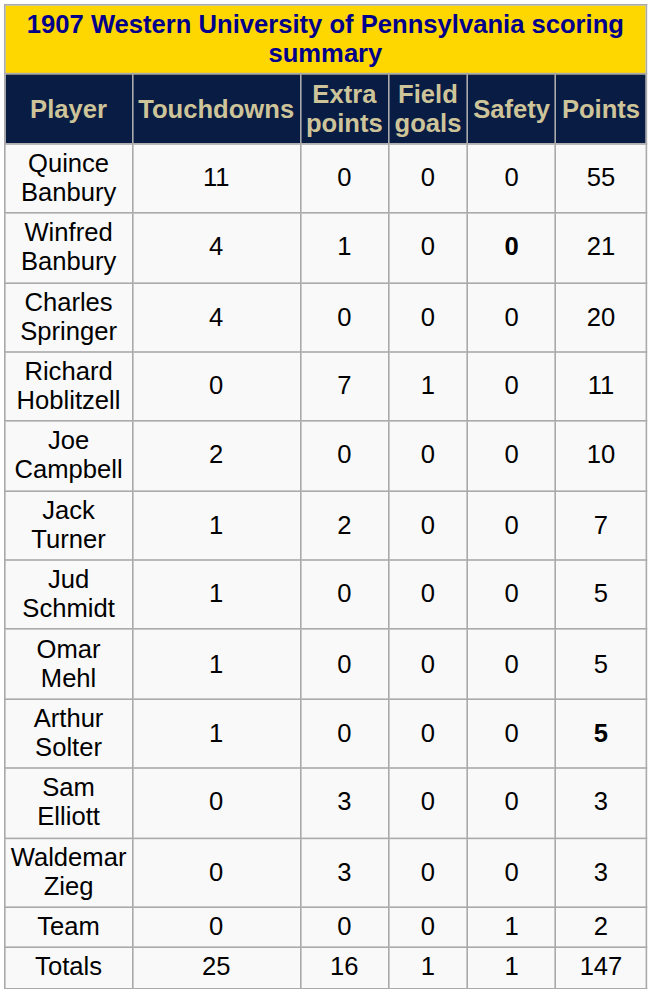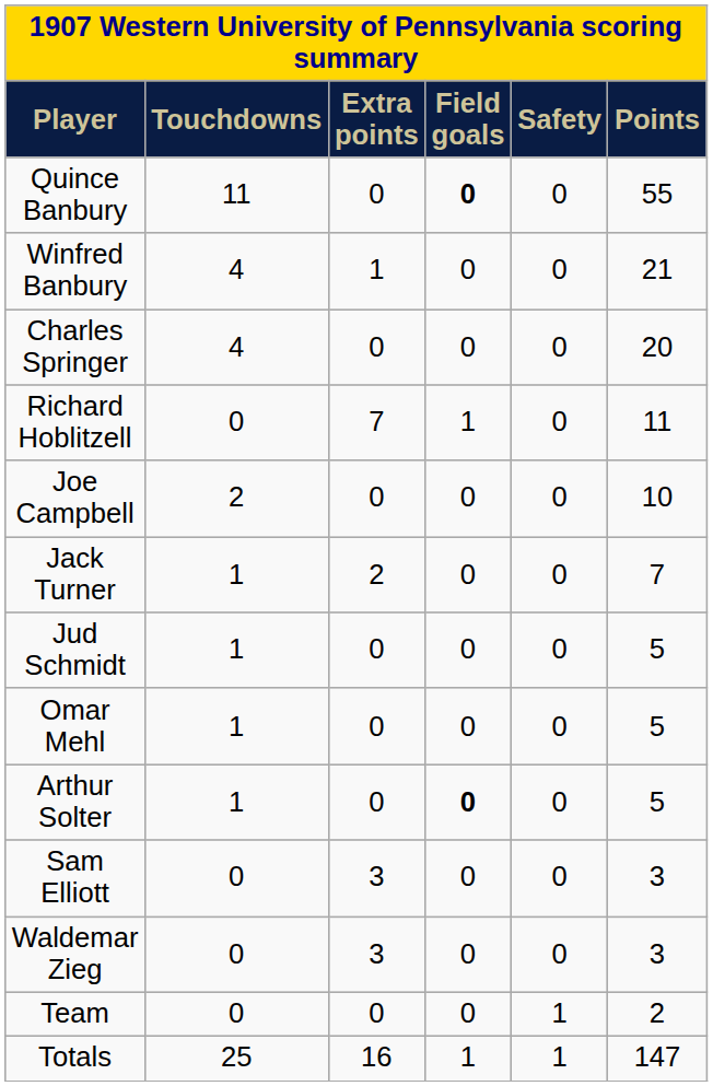 <table class="wikitable" width="30%">
 <tr>
 <th colspan="10" style="background:gold; color:darkblue; text-align: center;"><strong>1907 Western University of Pennsylvania scoring summary</strong></th>
 </tr>
 <tr align="center"  style="background:#091C44;color:#CEC499;">
 <td><strong>Player</strong></td>
 <td><strong>Touchdowns</strong></td>
 <td><strong>Extra points</strong></td>
 <td><strong>Field goals</strong></td>
 <td><strong>Safety</strong></td>
 <td><strong>Points</strong></td>
 </tr>
 <tr align="center" bgcolor="">
 <td>Quince Banbury</td>
 <td>11</td>
 <td>0</td>
-<td>0</td>
+<td><strong>0</strong></td>
 <td>0</td>
 <td>55</td>
 </tr>
 <tr align="center" bgcolor="">
 <td>Winfred Banbury</td>
 <td>4</td>
 <td>1</td>
 <td>0</td>
-<td><strong>0</strong></td>
+<td>0</td>
 <td>21</td>
 </tr>
 <tr align="center" bgcolor="">
 <td>Charles Springer</td>
 <td>4</td>
 <td>0</td>
 <td>0</td>
 <td>0</td>
 <td>20</td>
 </tr>
 <tr align="center" bgcolor="">
 <td>Richard Hoblitzell</td>
 <td>0</td>
 <td>7</td>
 <td>1</td>
 <td>0</td>
 <td>11</td>
 </tr>
 <tr align="center" bgcolor="">
 <td>Joe Campbell</td>
 <td>2</td>
 <td>0</td>
 <td>0</td>
 <td>0</td>
 <td>10</td>
 </tr>
 <tr align="center" bgcolor="">
 <td>Jack Turner</td>
 <td>1</td>
 <td>2</td>
 <td>0</td>
 <td>0</td>
 <td>7</td>
 </tr>
 <tr align="center" bgcolor="">
 <td>Jud Schmidt</td>
 <td>1</td>
 <td>0</td>
 <td>0</td>
 <td>0</td>
 <td>5</td>
 </tr>
 <tr align="center" bgcolor="">
 <td>Omar Mehl</td>
 <td>1</td>
 <td>0</td>
 <td>0</td>
 <td>0</td>
 <td>5</td>
 </tr>
 <tr align="center" bgcolor="">
 <td>Arthur Solter</td>
 <td>1</td>
 <td>0</td>
+<td><strong>0</strong></td>
 <td>0</td>
-<td>0</td>
-<td><strong>5</strong></td>
+<td>5</td>
 </tr>
 <tr align="center" bgcolor="">
 <td>Sam Elliott</td>
 <td>0</td>
 <td>3</td>
 <td>0</td>
 <td>0</td>
 <td>3</td>
 </tr>
 <tr align="center" bgcolor="">
 <td>Waldemar Zieg</td>
 <td>0</td>
 <td>3</td>
 <td>0</td>
 <td>0</td>
 <td>3</td>
 </tr>
 <tr align="center" bgcolor="">
 <td>Team</td>
 <td>0</td>
 <td>0</td>
 <td>0</td>
 <td>1</td>
 <td>2</td>
 </tr>
 <tr align="center" bgcolor="">
 <td>Totals</td>
 <td>25</td>
 <td>16</td>
 <td>1</td>
 <td>1</td>
 <td>147</td>
 </tr>
 <tr align="center" bgcolor="">
 </tr>
 </table>
